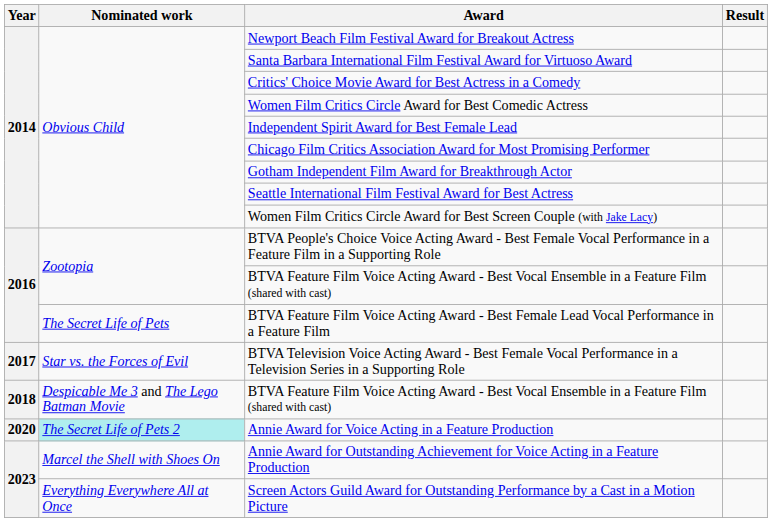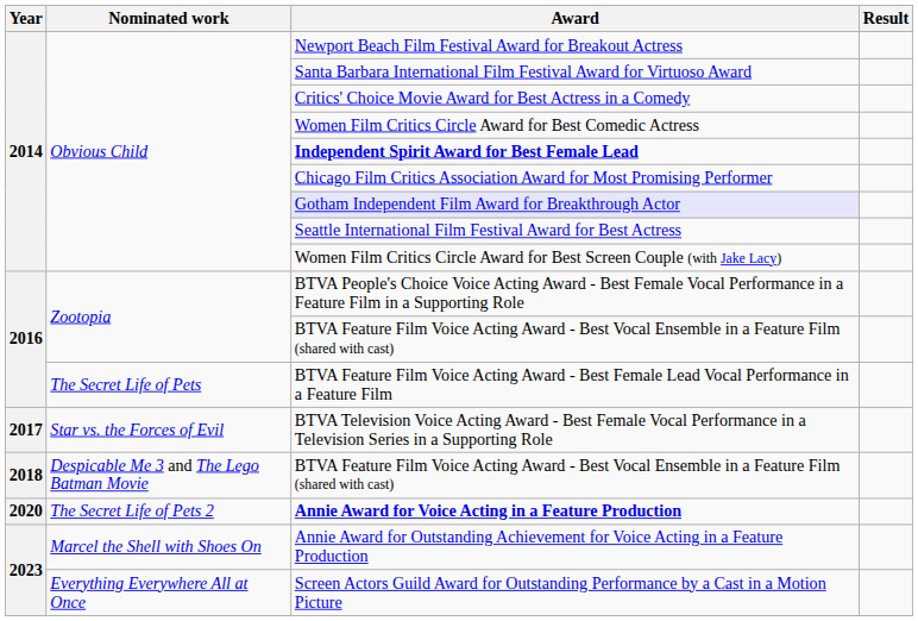 <table class="wikitable sortable plainrowheaders">
 <tr>
 <th scope="col">Year</th>
 <th scope="col">Nominated work</th>
 <th scope="col">Award</th>
 <th scope="col">Result</th>
 </tr>
 <tr>
 <th scope="row" rowspan="9">2014</th>
 <td scope="row "rowspan="9"><em><a href='#'>Obvious Child</a></em></td>
 <td><a href='#'>Newport Beach Film Festival Award for Breakout Actress</a></td>
 <td></td>
 </tr>
 <tr>
 <td><a href='#'>Santa Barbara International Film Festival Award for Virtuoso Award</a></td>
 <td></td>
 </tr>
 <tr>
 <td><a href='#'>Critics' Choice Movie Award for Best Actress in a Comedy</a></td>
 <td></td>
 </tr>
 <tr>
 <td><a href='#'>Women Film Critics Circle</a> Award for Best Comedic Actress</td>
 <td></td>
 </tr>
 <tr>
-<td><a href='#'>Independent Spirit Award for Best Female Lead</a></td>
+<td><strong><a href='#'>Independent Spirit Award for Best Female Lead</a></strong></td>
 <td></td>
 </tr>
 <tr>
 <td><a href='#'>Chicago Film Critics Association Award for Most Promising Performer</a></td>
 <td></td>
 </tr>
 <tr>
-<td><a href='#'>Gotham Independent Film Award for Breakthrough Actor</a></td>
+<td style="background: lavender;"><a href='#'>Gotham Independent Film Award for Breakthrough Actor</a></td>
 <td></td>
 </tr>
 <tr>
 <td><a href='#'>Seattle International Film Festival Award for Best Actress</a></td>
 <td></td>
 </tr>
 <tr>
 <td>Women Film Critics Circle Award for Best Screen Couple <small>(with <a href='#'>Jake Lacy</a>)</small></td>
 <td></td>
 </tr>
 <tr>
 <th scope="row" rowspan="3">2016</th>
 <td rowspan="2"><em><a href='#'>Zootopia</a></em></td>
 <td>BTVA People's Choice Voice Acting Award - Best Female Vocal Performance in a Feature Film in a Supporting Role</td>
 <td></td>
 </tr>
 <tr>
 <td>BTVA Feature Film Voice Acting Award - Best Vocal Ensemble in a Feature Film <small>(shared with cast)</small></td>
 <td></td>
 </tr>
 <tr>
 <td><em><a href='#'>The Secret Life of Pets</a></em></td>
 <td>BTVA Feature Film Voice Acting Award - Best Female Lead Vocal Performance in a Feature Film</td>
 <td></td>
 </tr>
 <tr>
 <th scope="row">2017</th>
 <td><em><a href='#'>Star vs. the Forces of Evil</a></em></td>
 <td>BTVA Television Voice Acting Award - Best Female Vocal Performance in a Television Series in a Supporting Role</td>
 <td></td>
 </tr>
 <tr>
 <th scope="row">2018</th>
 <td><em><a href='#'>Despicable Me 3</a></em> and <em><a href='#'>The Lego Batman Movie</a></em></td>
 <td>BTVA Feature Film Voice Acting Award - Best Vocal Ensemble in a Feature Film <small>(shared with cast)</small></td>
 <td></td>
 </tr>
 <tr>
 <th scope="row">2020</th>
-<td style="background: paleturquoise;"><em><a href='#'>The Secret Life of Pets 2</a></em></td>
-<td><a href='#'>Annie Award for Voice Acting in a Feature Production</a></td>
+<td><em><a href='#'>The Secret Life of Pets 2</a></em></td>
+<td><strong><a href='#'>Annie Award for Voice Acting in a Feature Production</a></strong></td>
 <td></td>
 </tr>
 <tr>
 <th scope="row" rowspan="2">2023</th>
 <td><em><a href='#'>Marcel the Shell with Shoes On</a></em></td>
 <td><a href='#'>Annie Award for Outstanding Achievement for Voice Acting in a Feature Production</a></td>
 <td></td>
 </tr>
 <tr>
 <td><em><a href='#'>Everything Everywhere All at Once</a></em></td>
 <td><a href='#'>Screen Actors Guild Award for Outstanding Performance by a Cast in a Motion Picture</a></td>
 <td></td>
 </tr>
 </table>
